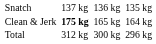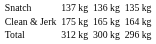 <table>
 <tr>
 <td>Snatch</td>
 <td></td>
 <td>137 kg</td>
 <td></td>
 <td>136 kg</td>
 <td></td>
 <td>135 kg</td>
 </tr>
 <tr>
 <td>Clean & Jerk</td>
 <td></td>
-<td><strong>175 kg</strong></td>
+<td>175 kg</td>
 <td></td>
 <td>165 kg</td>
 <td></td>
 <td>164 kg</td>
 </tr>
 <tr>
 <td>Total</td>
 <td></td>
 <td>312 kg</td>
 <td></td>
 <td>300 kg</td>
 <td></td>
 <td>296 kg</td>
 </tr>
 </table>
